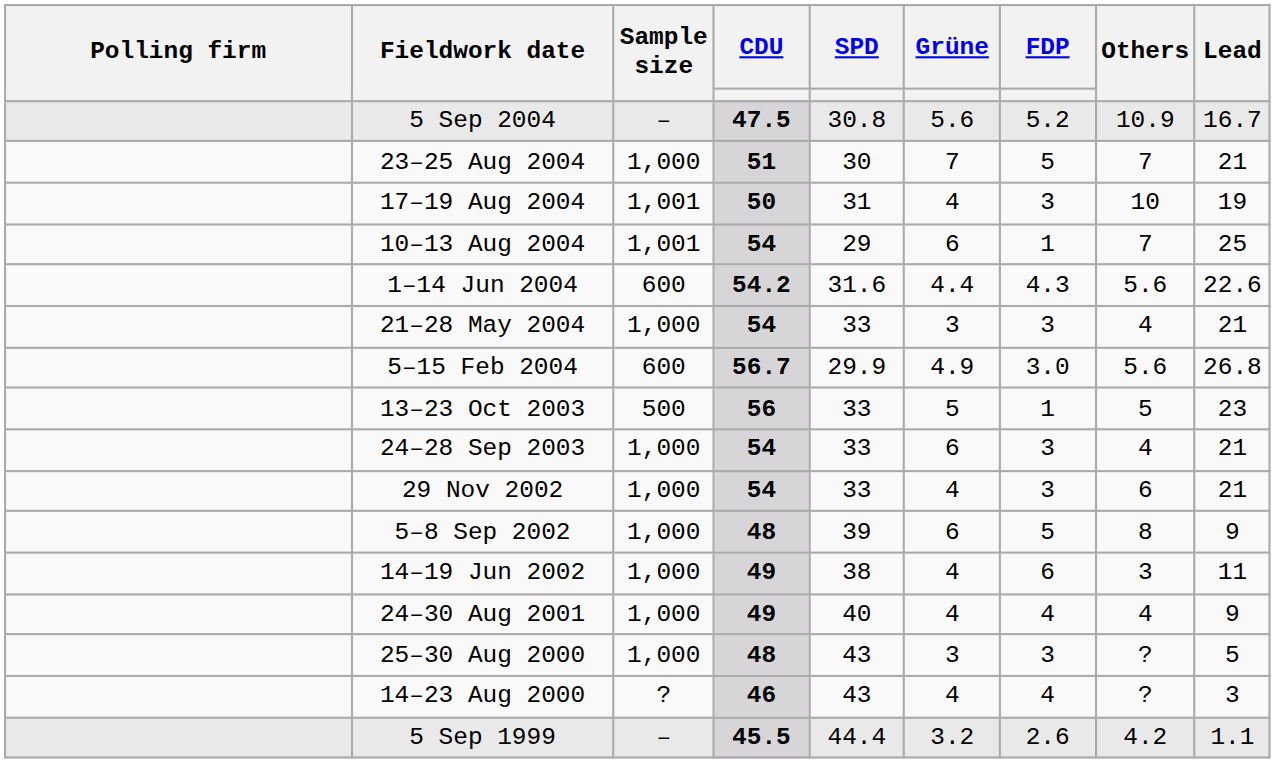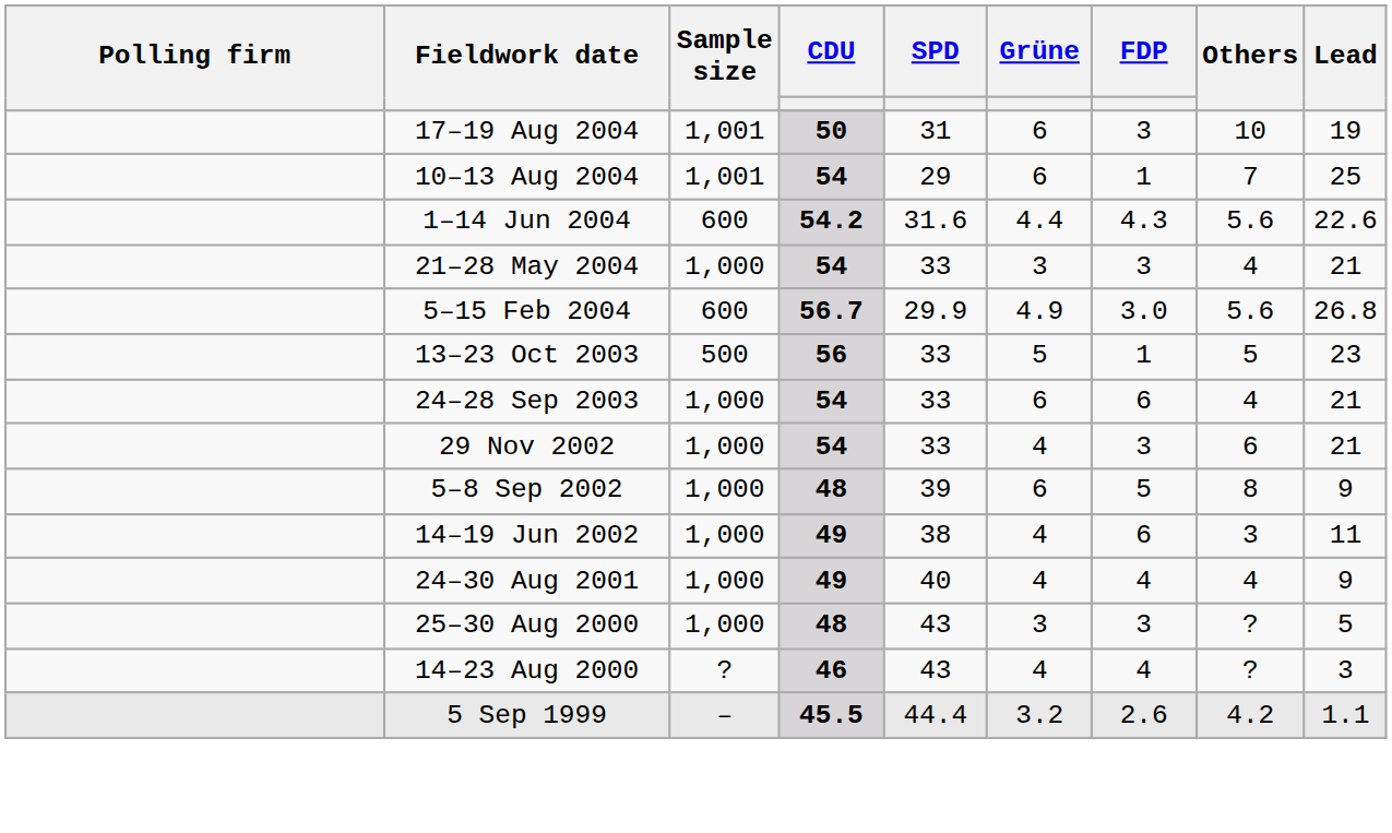 <table class="wikitable sortable" style="text-align:center;font-size:90%;line-height:14px;">
 <tr style="height:40px;">
 <th style="width:160px;" rowspan="2">Polling firm</th>
 <th style="width:120px;" rowspan="2">Fieldwork date</th>
 <th style="width:35px;" rowspan="2">Sample<br>size</th>
 <th class="unsortable" style="width:40px;"><a href='#'>CDU</a></th>
 <th class="unsortable" style="width:40px;"><a href='#'>SPD</a></th>
 <th class="unsortable" style="width:40px;"><a href='#'>Grüne</a></th>
 <th class="unsortable" style="width:40px;"><a href='#'>FDP</a></th>
 <th class="unsortable" style="width:40px;" rowspan="2">Others</th>
 <th style="width:30px;" rowspan="2">Lead</th>
 </tr>
 <tr>
 <th style="background:"></th>
 <th style="background:"></th>
 <th style="background:"></th>
 <th style="background:"></th>
 </tr>
-<tr style="background:#E9E9E9;">
-<td></td>
-<td data-sort-value="2004-09-05">5 Sep 2004</td>
-<td>–</td>
-<td style="background:#D7D5D7;"><strong>47.5</strong></td>
-<td>30.8</td>
-<td>5.6</td>
-<td>5.2</td>
-<td>10.9</td>
-<td style="background:">16.7</td>
-</tr>
-<tr>
-<td></td>
-<td data-sort-value="2004-08-26">23–25 Aug 2004</td>
-<td>1,000</td>
-<td style="background:#D7D5D7;"><strong>51</strong></td>
-<td>30</td>
-<td>7</td>
-<td>5</td>
-<td>7</td>
-<td style="background:">21</td>
-</tr>
 <tr>
 <td></td>
 <td data-sort-value="2004-08-20">17–19 Aug 2004</td>
 <td>1,001</td>
 <td style="background:#D7D5D7;"><strong>50</strong></td>
 <td>31</td>
-<td>4</td>
+<td>6</td>
 <td>3</td>
 <td>10</td>
 <td style="background:">19</td>
 </tr>
 <tr>
 <td></td>
 <td data-sort-value="2004-08-17">10–13 Aug 2004</td>
 <td>1,001</td>
 <td style="background:#D7D5D7;"><strong>54</strong></td>
 <td>29</td>
 <td>6</td>
 <td>1</td>
 <td>7</td>
 <td style="background:">25</td>
 </tr>
 <tr>
 <td></td>
 <td data-sort-value="2004-06-21">1–14 Jun 2004</td>
 <td>600</td>
 <td style="background:#D7D5D7;"><strong>54.2</strong></td>
 <td>31.6</td>
 <td>4.4</td>
 <td>4.3</td>
 <td>5.6</td>
 <td style="background:">22.6</td>
 </tr>
 <tr>
 <td></td>
 <td data-sort-value="2004-05-28">21–28 May 2004</td>
 <td>1,000</td>
 <td style="background:#D7D5D7;"><strong>54</strong></td>
 <td>33</td>
 <td>3</td>
 <td>3</td>
 <td>4</td>
 <td style="background:">21</td>
 </tr>
 <tr>
 <td></td>
 <td data-sort-value="2004-03-02">5–15 Feb 2004</td>
 <td>600</td>
 <td style="background:#D7D5D7;"><strong>56.7</strong></td>
 <td>29.9</td>
 <td>4.9</td>
 <td>3.0</td>
 <td>5.6</td>
 <td style="background:">26.8</td>
 </tr>
 <tr>
 <td></td>
 <td data-sort-value="2003-11-14">13–23 Oct 2003</td>
 <td>500</td>
 <td style="background:#D7D5D7;"><strong>56</strong></td>
 <td>33</td>
 <td>5</td>
 <td>1</td>
 <td>5</td>
 <td style="background:">23</td>
 </tr>
 <tr>
 <td></td>
 <td data-sort-value="2003-10-02">24–28 Sep 2003</td>
 <td>1,000</td>
 <td style="background:#D7D5D7;"><strong>54</strong></td>
 <td>33</td>
 <td>6</td>
-<td>3</td>
+<td>6</td>
 <td>4</td>
 <td style="background:">21</td>
 </tr>
 <tr>
 <td></td>
 <td data-sort-value="2002-11-29">29 Nov 2002</td>
 <td>1,000</td>
 <td style="background:#D7D5D7;"><strong>54</strong></td>
 <td>33</td>
 <td>4</td>
 <td>3</td>
 <td>6</td>
 <td style="background:">21</td>
 </tr>
 <tr>
 <td></td>
 <td data-sort-value="2002-09-10">5–8 Sep 2002</td>
 <td>1,000</td>
 <td style="background:#D7D5D7;"><strong>48</strong></td>
 <td>39</td>
 <td>6</td>
 <td>5</td>
 <td>8</td>
 <td style="background:">9</td>
 </tr>
 <tr>
 <td></td>
 <td data-sort-value="2002-06-25">14–19 Jun 2002</td>
 <td>1,000</td>
 <td style="background:#D7D5D7;"><strong>49</strong></td>
 <td>38</td>
 <td>4</td>
 <td>6</td>
 <td>3</td>
 <td style="background:">11</td>
 </tr>
 <tr>
 <td></td>
 <td data-sort-value="2001-09-05">24–30 Aug 2001</td>
 <td>1,000</td>
 <td style="background:#D7D5D7;"><strong>49</strong></td>
 <td>40</td>
 <td>4</td>
 <td>4</td>
 <td>4</td>
 <td style="background:">9</td>
 </tr>
 <tr>
 <td></td>
 <td data-sort-value="2000-09-05">25–30 Aug 2000</td>
 <td>1,000</td>
 <td style="background:#D7D5D7;"><strong>48</strong></td>
 <td>43</td>
 <td>3</td>
 <td>3</td>
 <td>?</td>
 <td style="background:">5</td>
 </tr>
 <tr>
 <td></td>
 <td data-sort-value="2000-08-28">14–23 Aug 2000</td>
 <td>?</td>
 <td style="background:#D7D5D7;"><strong>46</strong></td>
 <td>43</td>
 <td>4</td>
 <td>4</td>
 <td>?</td>
 <td style="background:">3</td>
 </tr>
 <tr style="background:#E9E9E9;">
 <td></td>
 <td data-sort-value="1999-09-05">5 Sep 1999</td>
 <td>–</td>
 <td style="background:#D7D5D7;"><strong>45.5</strong></td>
 <td>44.4</td>
 <td>3.2</td>
 <td>2.6</td>
 <td>4.2</td>
 <td style="background:">1.1</td>
 </tr>
 </table>
